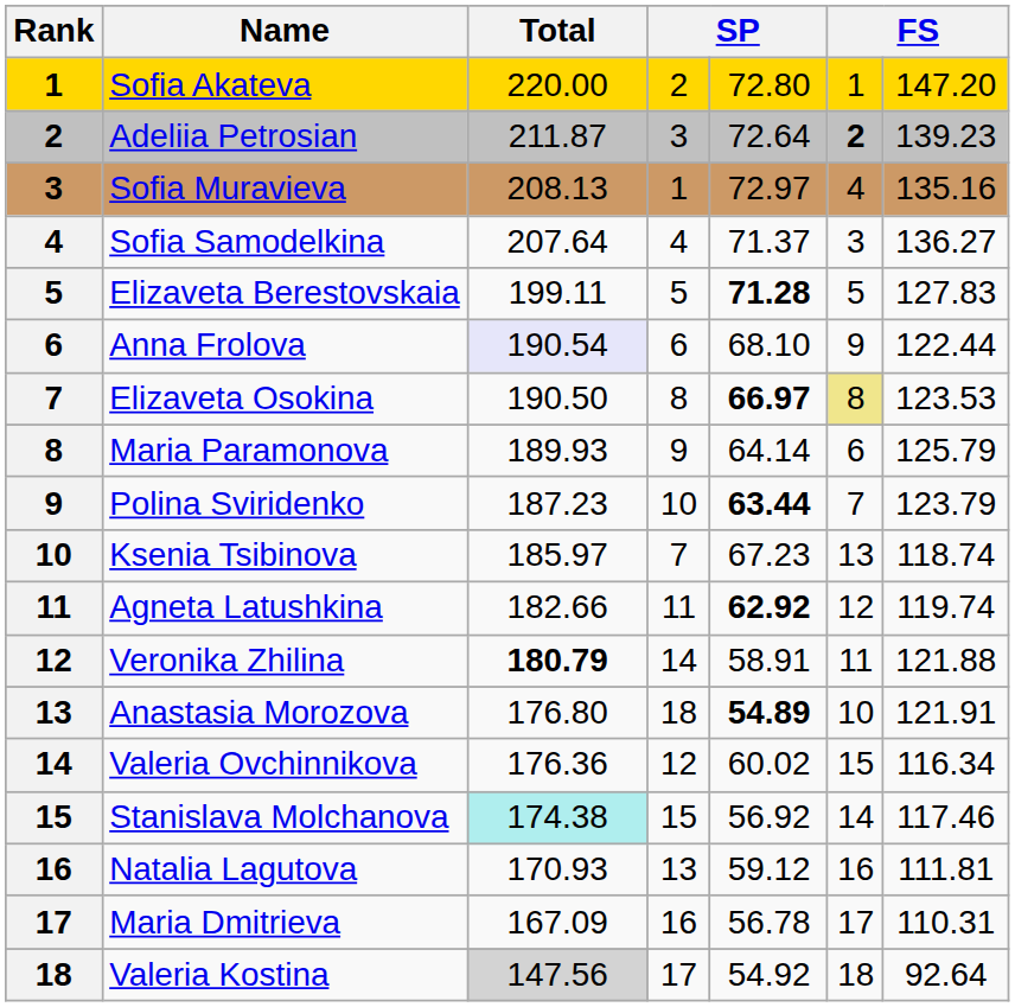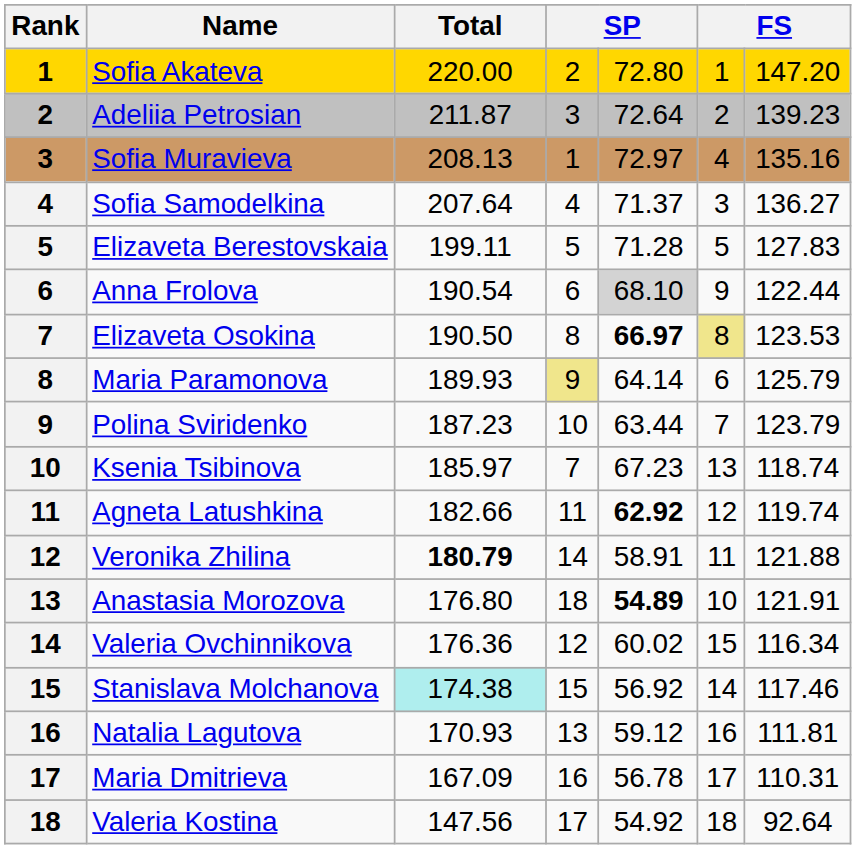 <table class="wikitable sortable">
 <tr>
 <th>Rank</th>
 <th>Name</th>
 <th width="80px">Total</th>
 <th colspan="2" width="80px"><a href='#'>SP</a></th>
 <th colspan="2" width="80px"><a href='#'>FS</a></th>
 </tr>
 <tr bgcolor="gold">
 <td align="center"><strong>1</strong></td>
 <td><a href='#'>Sofia Akateva</a></td>
 <td align="center">220.00</td>
 <td align="center">2</td>
 <td align="center">72.80</td>
 <td align="center">1</td>
 <td align="center">147.20</td>
 </tr>
 <tr bgcolor="silver">
 <td align="center"><strong>2</strong></td>
 <td><a href='#'>Adeliia Petrosian</a></td>
 <td align="center">211.87</td>
 <td align="center">3</td>
 <td align="center">72.64</td>
-<td align="center"><strong>2</strong></td>
+<td align="center">2</td>
 <td align="center">139.23</td>
 </tr>
 <tr bgcolor="cc9966">
 <td align="center"><strong>3</strong></td>
 <td><a href='#'>Sofia Muravieva</a></td>
 <td align="center">208.13</td>
 <td align="center">1</td>
 <td align="center">72.97</td>
 <td align="center">4</td>
 <td align="center">135.16</td>
 </tr>
 <tr>
 <th>4</th>
 <td><a href='#'>Sofia Samodelkina</a></td>
 <td align="center">207.64</td>
 <td align="center">4</td>
 <td align="center">71.37</td>
 <td align="center">3</td>
 <td align="center">136.27</td>
 </tr>
 <tr>
 <th>5</th>
 <td><a href='#'>Elizaveta Berestovskaia</a></td>
 <td align="center">199.11</td>
 <td align="center">5</td>
-<td align="center"><strong>71.28</strong></td>
+<td align="center">71.28</td>
 <td align="center">5</td>
 <td align="center">127.83</td>
 </tr>
 <tr>
 <th>6</th>
 <td><a href='#'>Anna Frolova</a></td>
-<td align="center" style="background: lavender;">190.54</td>
+<td align="center">190.54</td>
 <td align="center">6</td>
-<td align="center">68.10</td>
+<td align="center" style="background: lightgrey;">68.10</td>
 <td align="center">9</td>
 <td align="center">122.44</td>
 </tr>
 <tr>
 <th>7</th>
 <td><a href='#'>Elizaveta Osokina</a></td>
 <td align="center">190.50</td>
 <td align="center">8</td>
 <td align="center"><strong>66.97</strong></td>
 <td align="center" style="background: khaki;">8</td>
 <td align="center">123.53</td>
 </tr>
 <tr>
 <th>8</th>
 <td><a href='#'>Maria Paramonova</a></td>
 <td align="center">189.93</td>
-<td align="center">9</td>
+<td align="center" style="background: khaki;">9</td>
 <td align="center">64.14</td>
 <td align="center">6</td>
 <td align="center">125.79</td>
 </tr>
 <tr>
 <th>9</th>
 <td><a href='#'>Polina Sviridenko</a></td>
 <td align="center">187.23</td>
 <td align="center">10</td>
-<td align="center"><strong>63.44</strong></td>
+<td align="center">63.44</td>
 <td align="center">7</td>
 <td align="center">123.79</td>
 </tr>
 <tr>
 <th>10</th>
 <td><a href='#'>Ksenia Tsibinova</a></td>
 <td align="center">185.97</td>
 <td align="center">7</td>
 <td align="center">67.23</td>
 <td align="center">13</td>
 <td align="center">118.74</td>
 </tr>
 <tr>
 <th>11</th>
 <td><a href='#'>Agneta Latushkina</a></td>
 <td align="center">182.66</td>
 <td align="center">11</td>
 <td align="center"><strong>62.92</strong></td>
 <td align="center">12</td>
 <td align="center">119.74</td>
 </tr>
 <tr>
 <th>12</th>
 <td><a href='#'>Veronika Zhilina</a></td>
 <td align="center"><strong>180.79</strong></td>
 <td align="center">14</td>
 <td align="center">58.91</td>
 <td align="center">11</td>
 <td align="center">121.88</td>
 </tr>
 <tr>
 <th>13</th>
 <td><a href='#'>Anastasia Morozova</a></td>
 <td align="center">176.80</td>
 <td align="center">18</td>
 <td align="center"><strong>54.89</strong></td>
 <td align="center">10</td>
 <td align="center">121.91</td>
 </tr>
 <tr>
 <th>14</th>
 <td><a href='#'>Valeria Ovchinnikova</a></td>
 <td align="center">176.36</td>
 <td align="center">12</td>
 <td align="center">60.02</td>
 <td align="center">15</td>
 <td align="center">116.34</td>
 </tr>
 <tr>
 <th>15</th>
 <td><a href='#'>Stanislava Molchanova</a></td>
 <td align="center" style="background: paleturquoise;">174.38</td>
 <td align="center">15</td>
 <td align="center">56.92</td>
 <td align="center">14</td>
 <td align="center">117.46</td>
 </tr>
 <tr>
 <th>16</th>
 <td><a href='#'>Natalia Lagutova</a></td>
 <td align="center">170.93</td>
 <td align="center">13</td>
 <td align="center">59.12</td>
 <td align="center">16</td>
 <td align="center">111.81</td>
 </tr>
 <tr>
 <th>17</th>
 <td><a href='#'>Maria Dmitrieva</a></td>
 <td align="center">167.09</td>
 <td align="center">16</td>
 <td align="center">56.78</td>
 <td align="center">17</td>
 <td align="center">110.31</td>
 </tr>
 <tr>
 <th>18</th>
 <td><a href='#'>Valeria Kostina</a></td>
-<td align="center" style="background: lightgrey;">147.56</td>
+<td align="center">147.56</td>
 <td align="center">17</td>
 <td align="center">54.92</td>
 <td align="center">18</td>
 <td align="center">92.64</td>
 </tr>
 </table>
